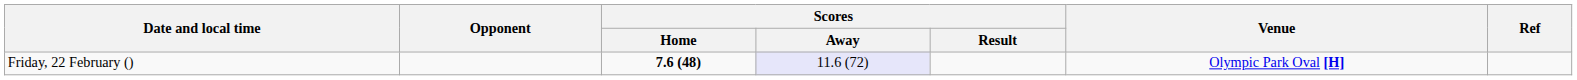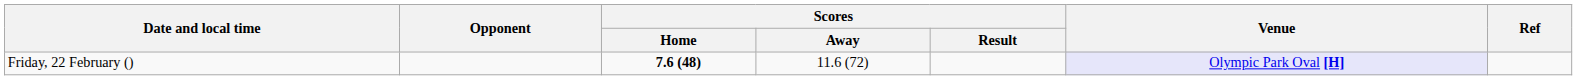 <table class="wikitable plainrowheaders" style="font-size:90%; width:100%; text-align:center;">
 <tr>
 <th scope="col" rowspan=2>Date and local time</th>
 <th scope="col" rowspan=2>Opponent</th>
 <th scope="col" colspan=3>Scores</th>
 <th scope="col" rowspan=2>Venue</th>
 <th scope="col" rowspan=2>Ref</th>
 </tr>
 <tr>
 <th scope="col">Home</th>
 <th scope="col">Away</th>
 <th scope="col">Result</th>
 </tr>
 <tr>
 <td align=left>Friday, 22 February ()</td>
 <td align=left></td>
 <td><strong>7.6 (48)</strong></td>
-<td style="background: lavender;">11.6 (72)</td>
+<td>11.6 (72)</td>
 <td></td>
-<td><a href='#'>Olympic Park Oval</a> <a href='#'><strong>[H]</strong></a></td>
+<td style="background: lavender;"><a href='#'>Olympic Park Oval</a> <a href='#'><strong>[H]</strong></a></td>
 <td></td>
 </tr>
 </table>
